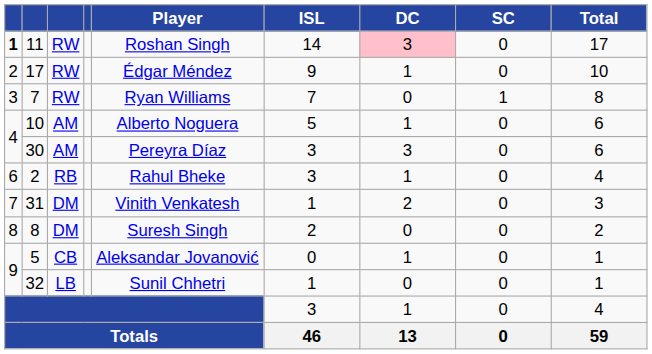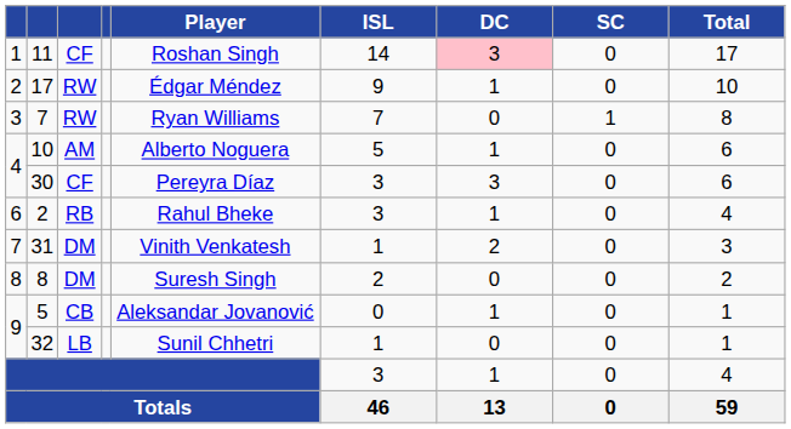 <table class="wikitable" style="font-size: 95%; text-align: center;">
 <tr>
 <th rowspan="1" !width=15 style="background:#2545A0; color:#FFFFFF; "></th>
 <th rowspan="1" !width=15 style="background:#2545A0; color:#FFFFFF; "></th>
 <th rowspan="1" !width=15 style="background:#2545A0; color:#FFFFFF; "></th>
 <th rowspan="1" !width=15 style="background:#2545A0; color:#FFFFFF; "></th>
 <th width=150 style="background:#2545A0; color:#FFFFFF; ">Player</th>
 <th width=80 style="background:#2545A0; color:#FFFFFF; ">ISL</th>
 <th width=80 style="background:#2545A0; color:#FFFFFF; ">DC</th>
 <th width=80 style="background:#2545A0; color:#FFFFFF; ">SC</th>
 <th width=80 style="background:#2545A0; color:#FFFFFF; ">Total</th>
 </tr>
 <tr>
-<td><strong>1</strong></td>
+<td>1</td>
 <td>11</td>
-<td><a href='#'>RW</a></td>
+<td><a href='#'>CF</a></td>
 <td></td>
 <td><a href='#'>Roshan Singh</a></td>
 <td>14</td>
 <td style="background: pink;">3</td>
 <td>0</td>
 <td>17</td>
 </tr>
 <tr>
 <td>2</td>
 <td>17</td>
 <td><a href='#'>RW</a></td>
 <td></td>
 <td><a href='#'>Édgar Méndez</a></td>
 <td>9</td>
 <td>1</td>
 <td>0</td>
 <td>10</td>
 </tr>
 <tr>
 <td>3</td>
 <td>7</td>
 <td><a href='#'>RW</a></td>
 <td></td>
 <td><a href='#'>Ryan Williams</a></td>
 <td>7</td>
 <td>0</td>
 <td>1</td>
 <td>8</td>
 </tr>
 <tr>
 <td rowspan="2">4</td>
 <td>10</td>
 <td><a href='#'>AM</a></td>
 <td></td>
 <td><a href='#'>Alberto Noguera</a></td>
 <td>5</td>
 <td>1</td>
 <td>0</td>
 <td>6</td>
 </tr>
 <tr>
 <td>30</td>
-<td><a href='#'>AM</a></td>
+<td><a href='#'>CF</a></td>
 <td></td>
 <td><a href='#'>Pereyra Díaz</a></td>
 <td>3</td>
 <td>3</td>
 <td>0</td>
 <td>6</td>
 </tr>
 <tr>
 <td>6</td>
 <td>2</td>
 <td><a href='#'>RB</a></td>
 <td></td>
 <td><a href='#'>Rahul Bheke</a></td>
 <td>3</td>
 <td>1</td>
 <td>0</td>
 <td>4</td>
 </tr>
 <tr>
 <td>7</td>
 <td>31</td>
 <td><a href='#'>DM</a></td>
 <td></td>
 <td><a href='#'>Vinith Venkatesh</a></td>
 <td>1</td>
 <td>2</td>
 <td>0</td>
 <td>3</td>
 </tr>
 <tr>
 <td>8</td>
 <td>8</td>
 <td><a href='#'>DM</a></td>
 <td></td>
 <td><a href='#'>Suresh Singh</a></td>
 <td>2</td>
 <td>0</td>
 <td>0</td>
 <td>2</td>
 </tr>
 <tr>
 <td rowspan="2">9</td>
 <td>5</td>
 <td><a href='#'>CB</a></td>
 <td></td>
 <td><a href='#'>Aleksandar Jovanović</a></td>
 <td>0</td>
 <td>1</td>
 <td>0</td>
 <td>1</td>
 </tr>
 <tr>
 <td>32</td>
 <td><a href='#'>LB</a></td>
 <td></td>
 <td><a href='#'>Sunil Chhetri</a></td>
 <td>1</td>
 <td>0</td>
 <td>0</td>
 <td>1</td>
 </tr>
 <tr>
 <td colspan="5" style="background:#2545A0; color:#FFFFFF; "><a href='#'></a></td>
 <td>3</td>
 <td>1</td>
 <td>0</td>
 <td>4</td>
 </tr>
 <tr>
 <th colspan="5" style="background:#2545A0; color:#FFFFFF; ">Totals</th>
 <th>46</th>
 <th>13</th>
 <th>0</th>
 <th>59</th>
 </tr>
 </table>
